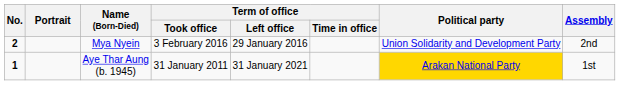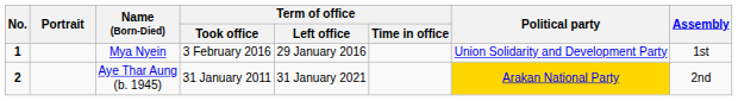 <table class="wikitable" style="text-align:center; border:1px #AAAAFF solid">
 <tr>
 <th rowspan=2>No.</th>
 <th width=80 rowspan=2>Portrait</th>
 <th rowspan=2>Name<br><small>(Born-Died)</small></th>
 <th colspan=3>Term of office</th>
 <th rowspan=2>Political party</th>
 <th rowspan=2><a href='#'>Assembly</a></th>
 </tr>
 <tr>
 <th>Took office</th>
 <th>Left office</th>
 <th>Time in office</th>
 </tr>
 <tr>
-<td style="background:"><strong>2</strong></td>
+<td style="background:"><strong>1</strong></td>
 <td></td>
 <td><a href='#'>Mya Nyein</a></td>
 <td>3 February 2016</td>
 <td>29 January 2016</td>
 <td></td>
 <td><a href='#'>Union Solidarity and Development Party</a></td>
-<td>2nd</td>
+<td>1st</td>
 </tr>
 <tr>
-<td style="background:"><strong>1</strong></td>
+<td style="background:"><strong>2</strong></td>
 <td></td>
 <td><a href='#'>Aye Thar Aung</a> <br> (b. 1945)</td>
 <td>31 January 2011</td>
 <td>31 January 2021</td>
 <td></td>
 <td style="background: gold;"><a href='#'>Arakan National Party</a></td>
-<td>1st</td>
+<td>2nd</td>
 </tr>
 </table>
